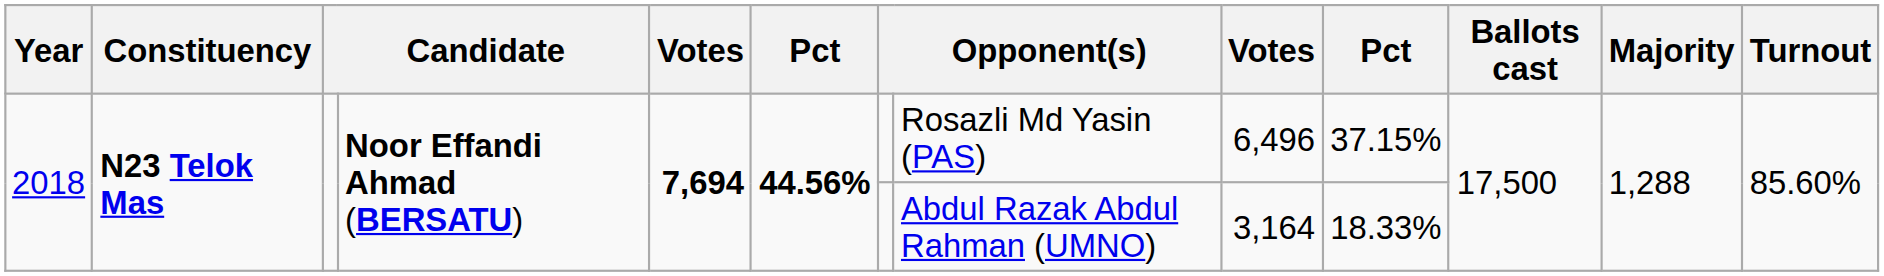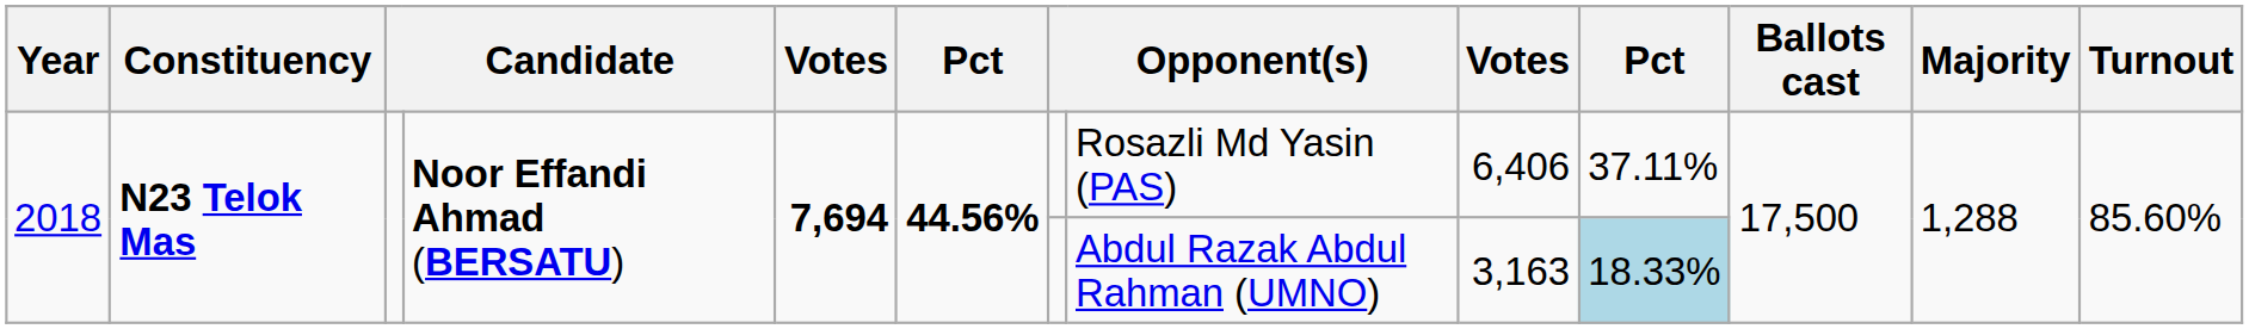 <table class="wikitable" style="margin:0.5em ; font-size:95%">
 <tr>
 <th>Year</th>
 <th>Constituency</th>
 <th colspan=2>Candidate</th>
 <th>Votes</th>
 <th>Pct</th>
 <th colspan=2>Opponent(s)</th>
 <th>Votes</th>
 <th>Pct</th>
 <th>Ballots cast</th>
 <th>Majority</th>
 <th>Turnout</th>
 </tr>
 <tr>
 <td rowspan=2><a href='#'>2018</a></td>
 <td rowspan=2><strong>N23 <a href='#'>Telok Mas</a></strong></td>
 <td rowspan=2 ></td>
 <td rowspan=2><strong>Noor Effandi Ahmad</strong> (<a href='#'><strong>BERSATU</strong></a>)</td>
 <td rowspan=2 align="right"><strong>7,694</strong></td>
 <td rowspan=2><strong>44.56%</strong></td>
 <td></td>
 <td>Rosazli Md Yasin (<a href='#'>PAS</a>)</td>
-<td align="right">6,496</td>
-<td>37.15%</td>
+<td align="right">6,406</td>
+<td>37.11%</td>
 <td rowspan=2>17,500</td>
 <td rowspan=2>1,288</td>
 <td rowspan=2>85.60%</td>
 </tr>
 <tr>
 <td></td>
 <td><a href='#'>Abdul Razak Abdul Rahman</a>  (<a href='#'>UMNO</a>)</td>
-<td align="right">3,164</td>
-<td>18.33%</td>
+<td align="right">3,163</td>
+<td style="background: lightblue;">18.33%</td>
 </tr>
 </table>
